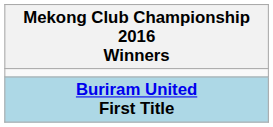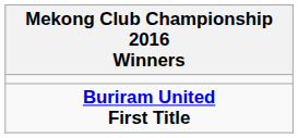 <table class="wikitable" style="text-align: center; margin: 0 auto; width: 20%">
 <tr>
 <th>Mekong Club Championship 2016<br>Winners</th>
 </tr>
 <tr>
 <td></td>
 </tr>
 <tr>
-<td style="background: lightblue;"><strong><a href='#'>Buriram United</a></strong><br><strong>First Title</strong></td>
+<td><strong><a href='#'>Buriram United</a></strong><br><strong>First Title</strong></td>
 </tr>
 </table>
